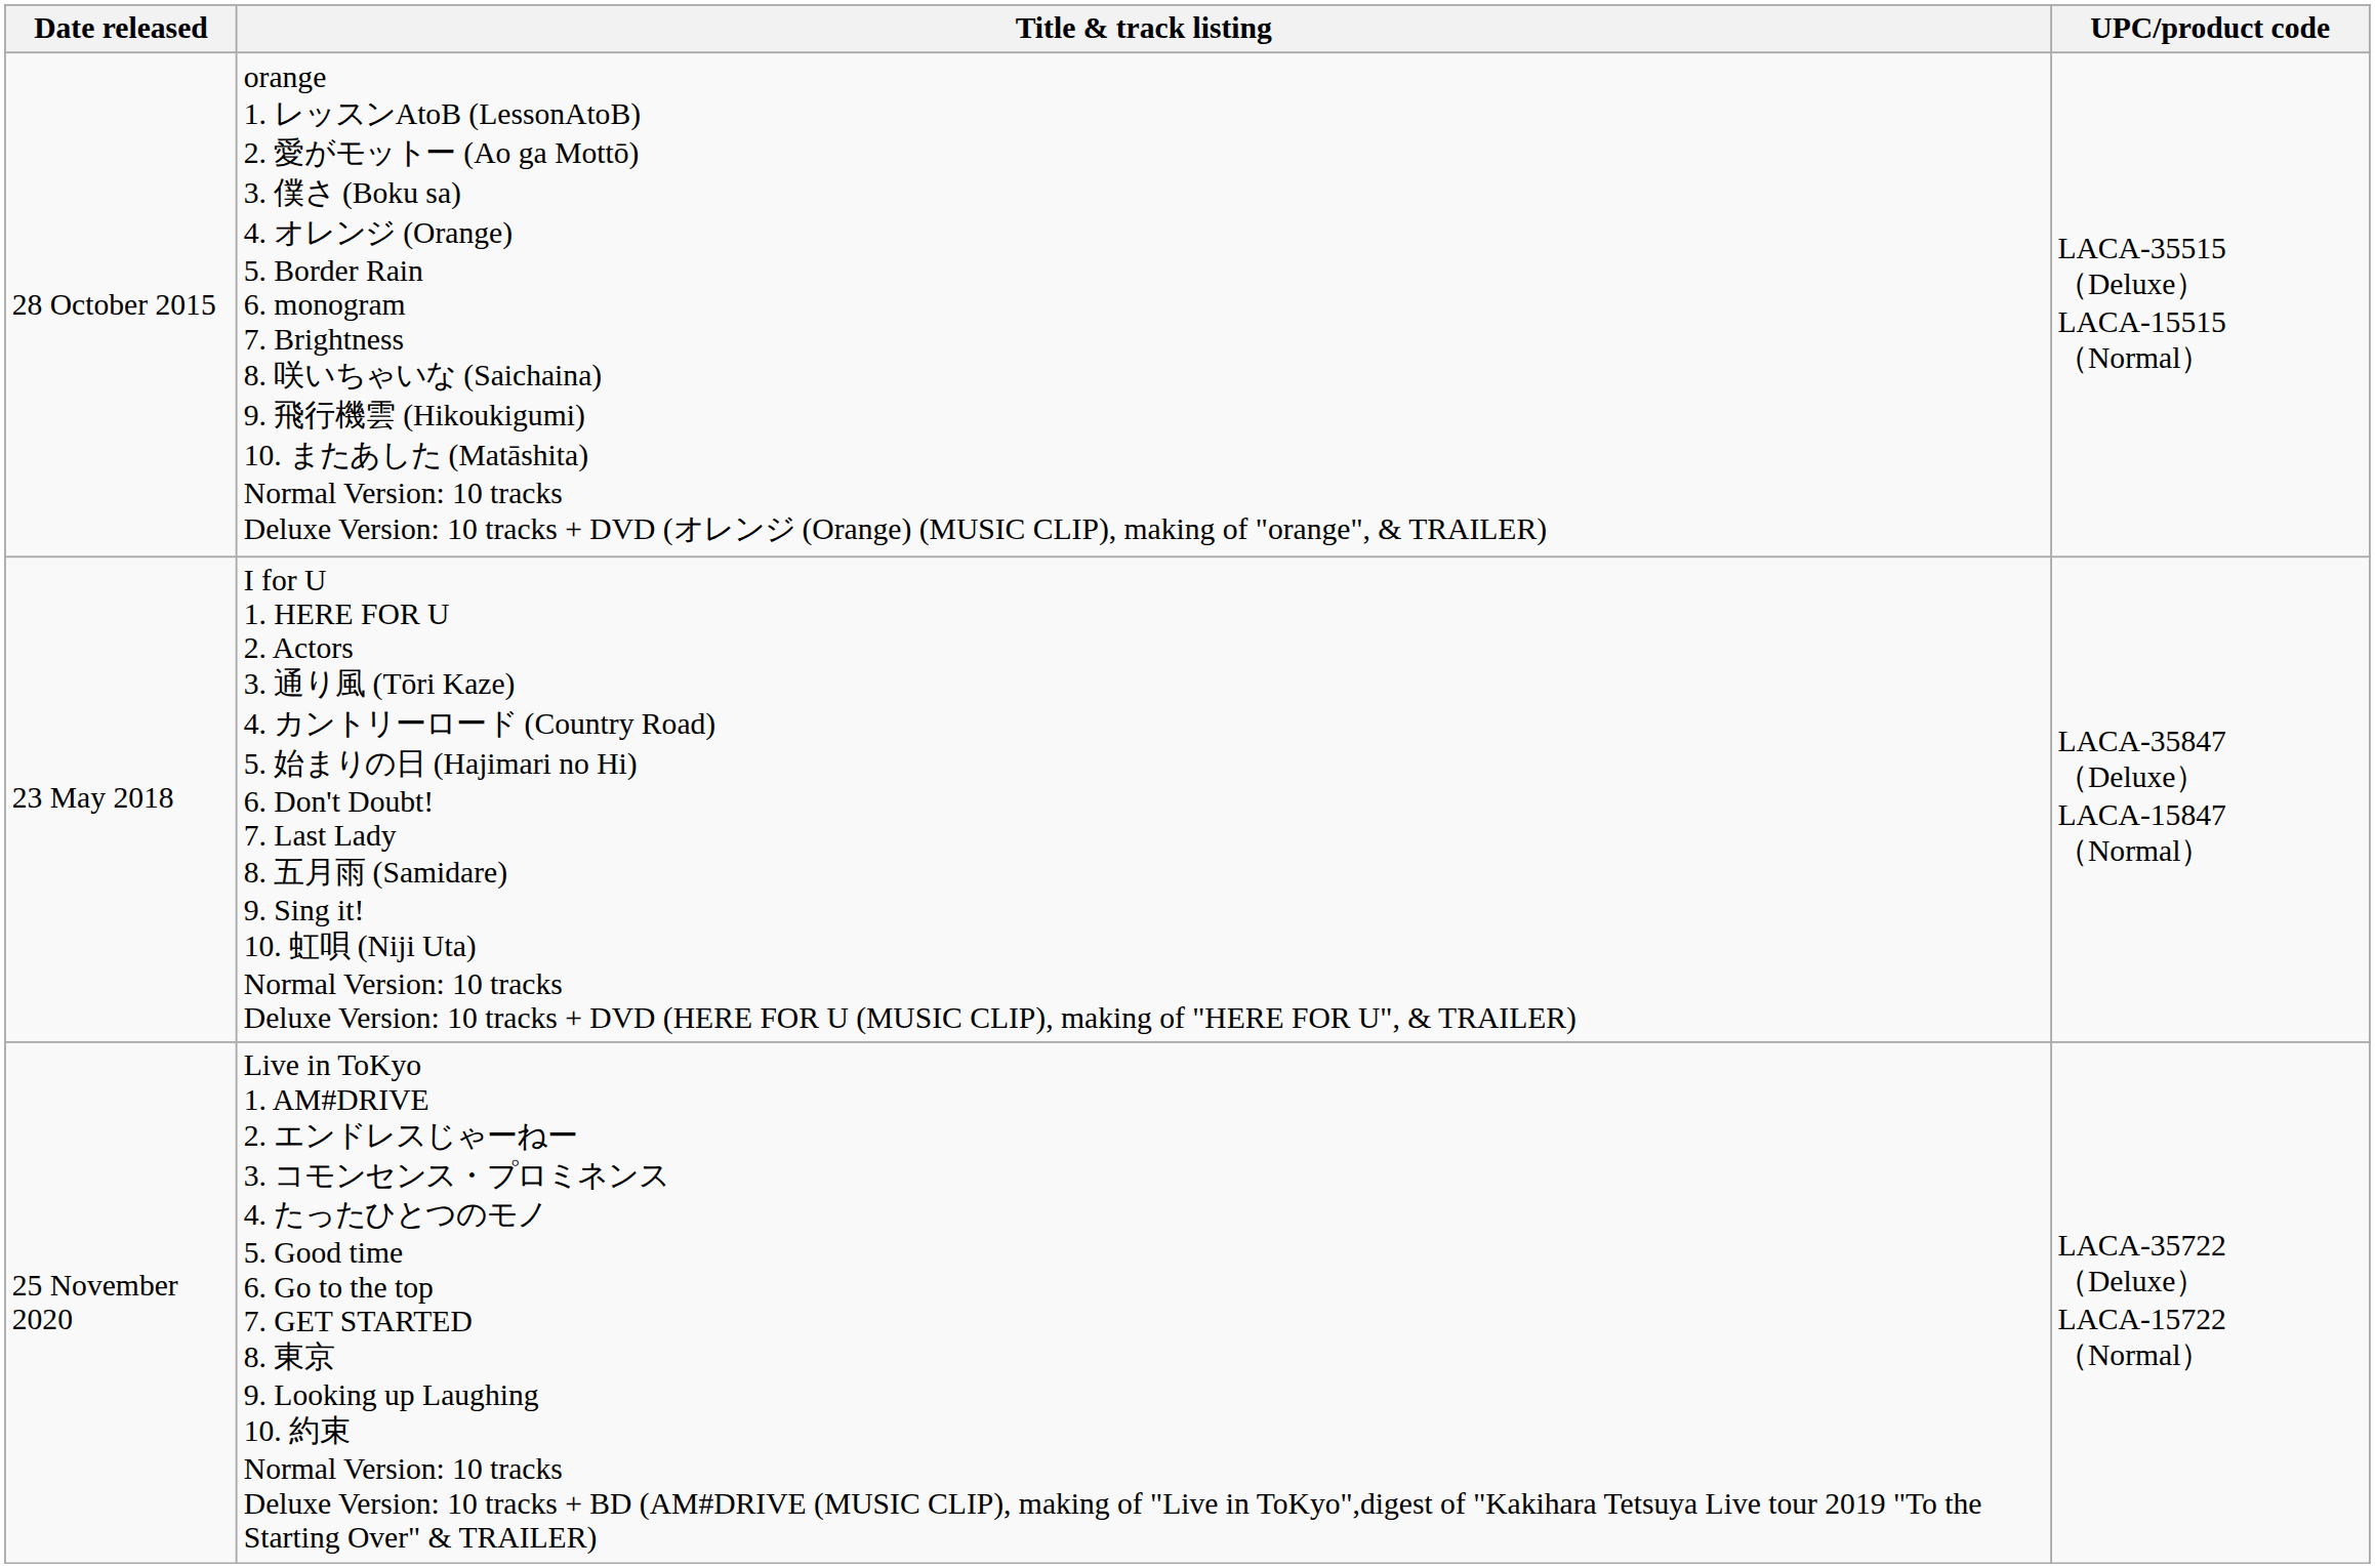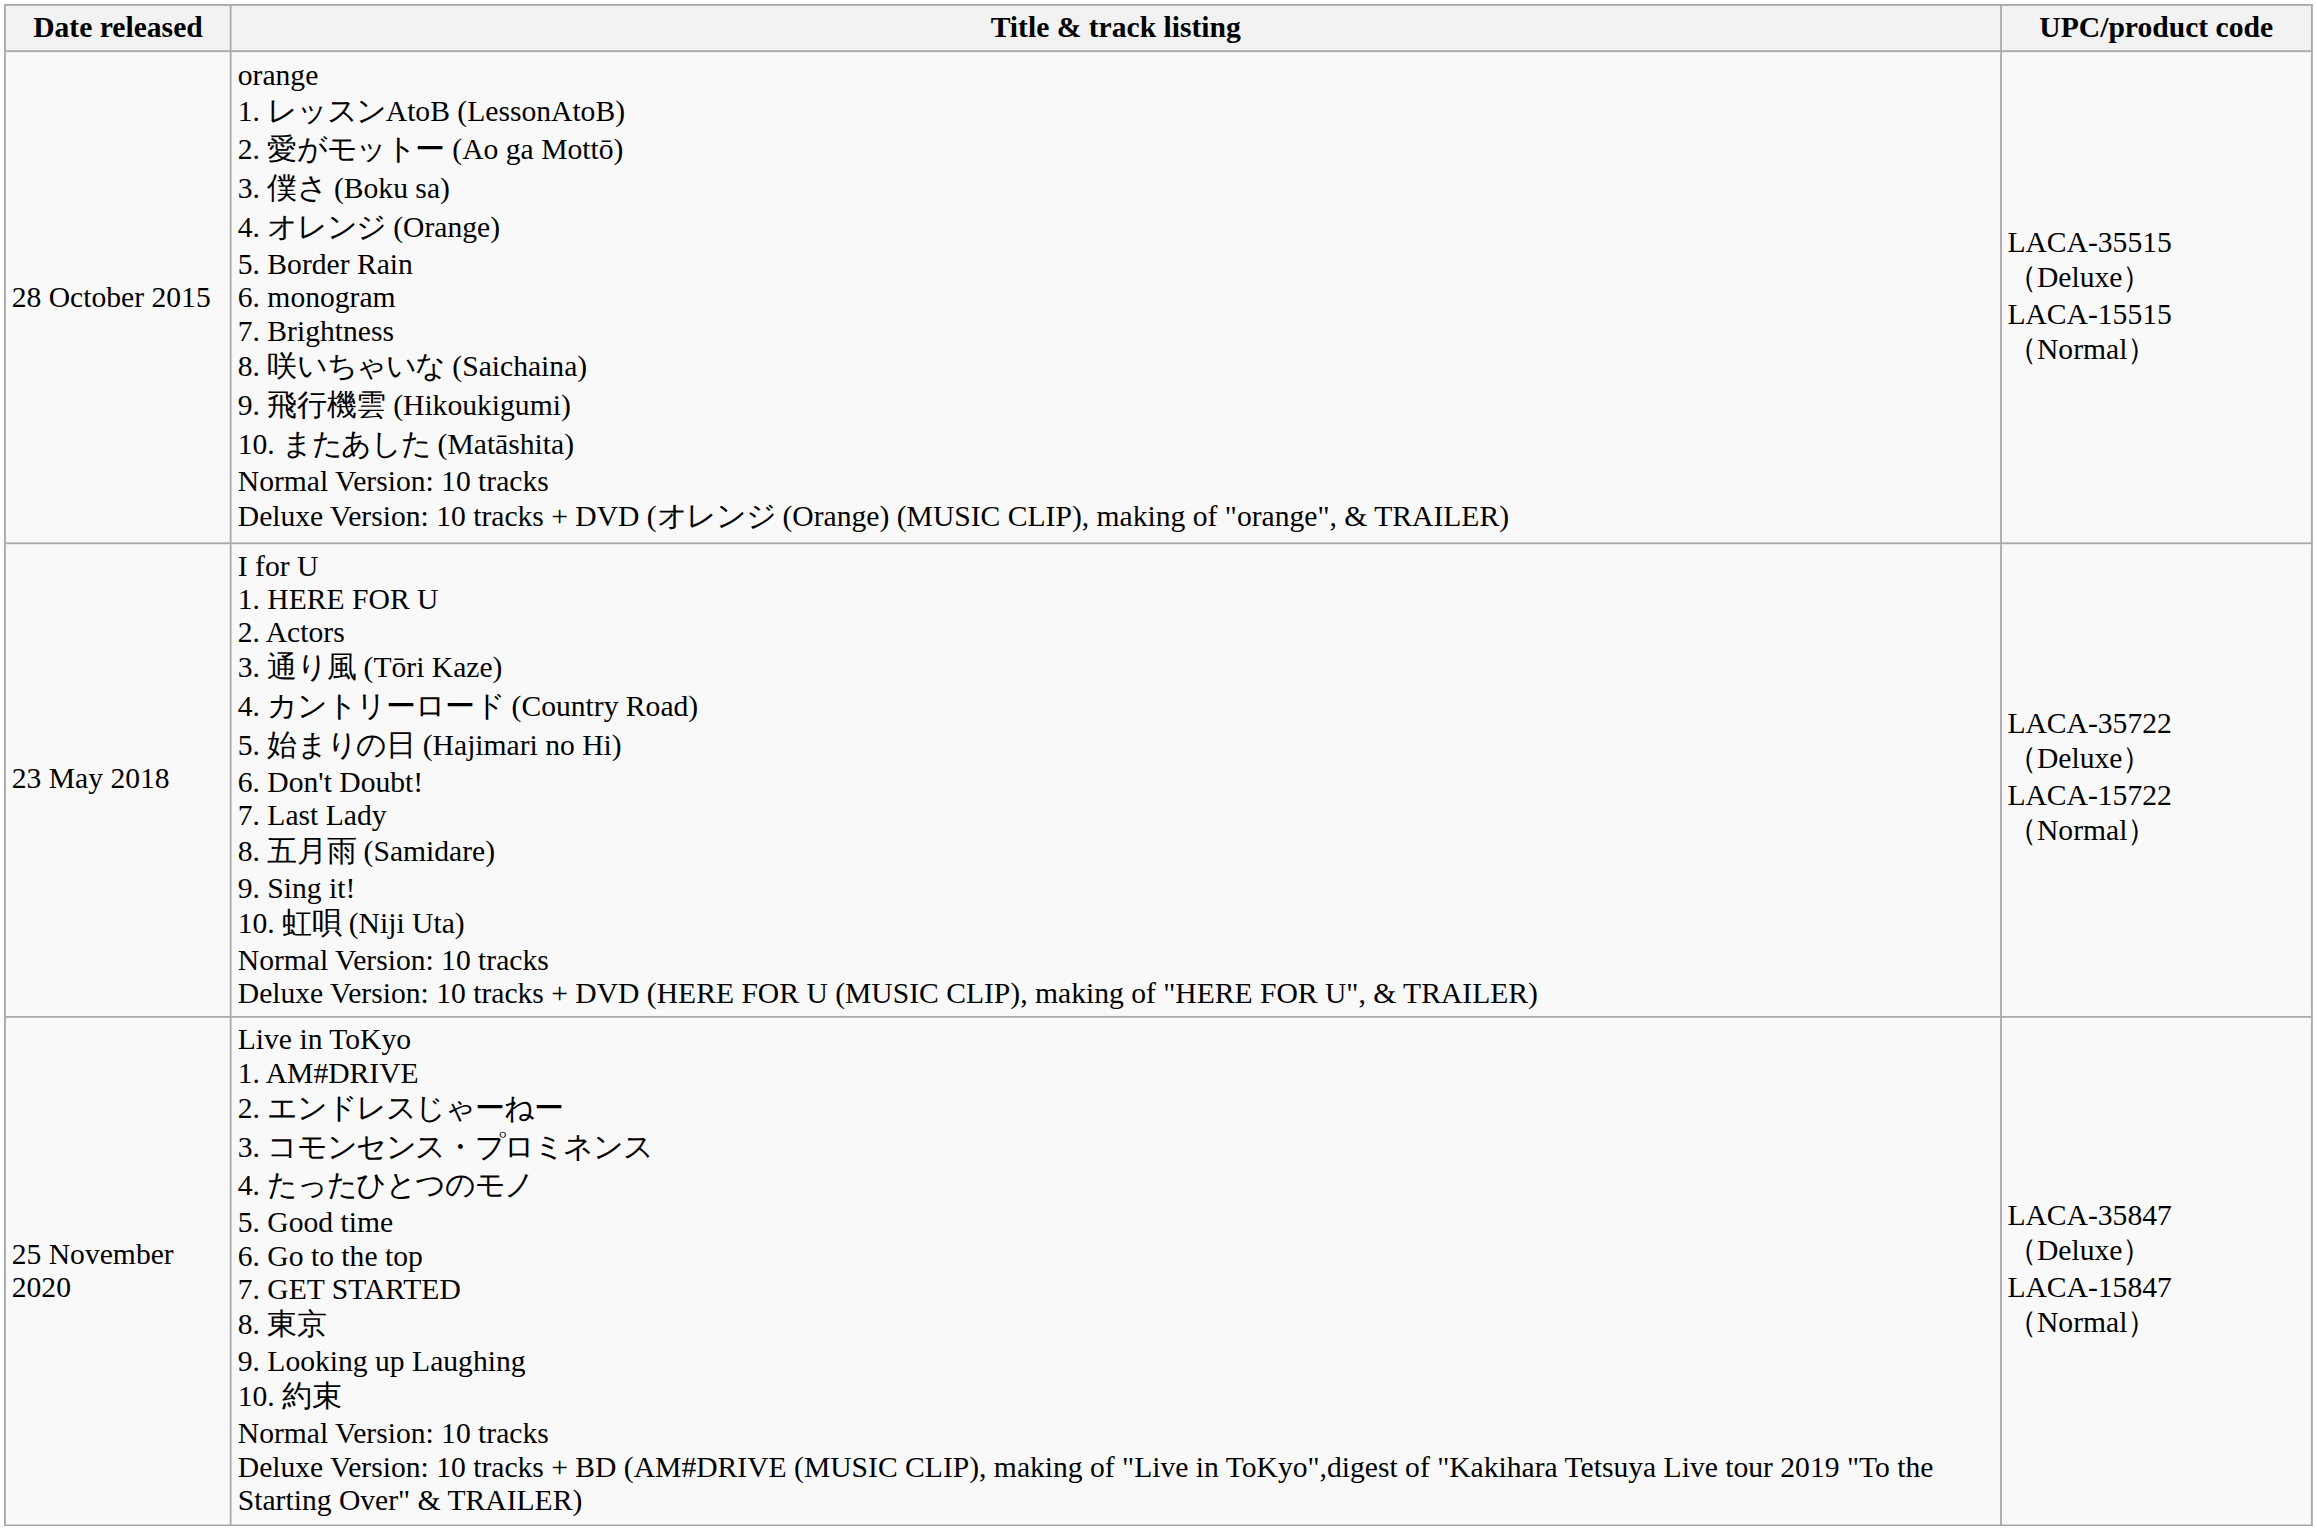 <table class=wikitable>
 <tr>
 <th>Date released</th>
 <th>Title & track listing</th>
 <th>UPC/product code</th>
 </tr>
 <tr>
 <td>28 October 2015</td>
 <td>orange<br> 1. レッスンAtoB (LessonAtoB) <br> 2. 愛がモットー (Ao ga Mottō) <br> 3. 僕さ (Boku sa) <br> 4. オレンジ (Orange) <br> 5. Border Rain <br> 6. monogram <br> 7. Brightness <br> 8. 咲いちゃいな (Saichaina) <br> 9. 飛行機雲 (Hikoukigumi) <br> 10. またあした (Matāshita) <br> Normal Version: 10 tracks <br> Deluxe Version: 10 tracks + DVD (オレンジ (Orange) (MUSIC CLIP), making of "orange", & TRAILER) <br></td>
 <td>LACA-35515 （Deluxe）<br> LACA-15515 （Normal）</td>
 </tr>
 <tr>
 <td>23 May 2018</td>
 <td>I for U<br> 1. HERE FOR U <br> 2. Actors <br> 3. 通り風 (Tōri Kaze) <br> 4. カントリーロード (Country Road) <br> 5. 始まりの日 (Hajimari no Hi) <br> 6. Don't Doubt! <br> 7. Last Lady <br> 8. 五月雨 (Samidare) <br> 9. Sing it! <br> 10. 虹唄 (Niji Uta) <br> Normal Version: 10 tracks <br> Deluxe Version: 10 tracks + DVD (HERE FOR U (MUSIC CLIP), making of "HERE FOR U", & TRAILER) <br></td>
-<td>LACA-35847 （Deluxe）<br> LACA-15847 （Normal）</td>
+<td>LACA-35722 （Deluxe）<br> LACA-15722 （Normal）</td>
 </tr>
 <tr>
 <td>25 November 2020</td>
 <td>Live in ToKyo<br> 1. AM#DRIVE <br> 2. エンドレスじゃーねー <br> 3. コモンセンス・プロミネンス <br> 4. たったひとつのモノ <br> 5. Good time <br> 6. Go to the top <br> 7. GET STARTED <br> 8. 東京 <br> 9. Looking up Laughing <br> 10. 約束 <br> Normal Version: 10 tracks <br> Deluxe Version: 10 tracks + BD (AM#DRIVE (MUSIC CLIP), making of "Live in ToKyo",digest of "Kakihara Tetsuya Live tour 2019 "To the Starting Over" & TRAILER) <br></td>
-<td>LACA-35722 （Deluxe）<br> LACA-15722 （Normal）</td>
+<td>LACA-35847 （Deluxe）<br> LACA-15847 （Normal）</td>
 </tr>
 <tr>
 </tr>
 </table>
